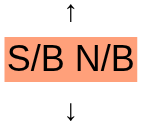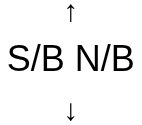 <table style="text-align:center;">
 <tr>
 <td><small>  ↑ </small></td>
 </tr>
 <tr>
-<td style="background: lightsalmon;"> <span>S/B N/B</span> </td>
+<td> <span>S/B N/B</span> </td>
 </tr>
 <tr>
 <td><small> ↓  </small></td>
 </tr>
 </table>
